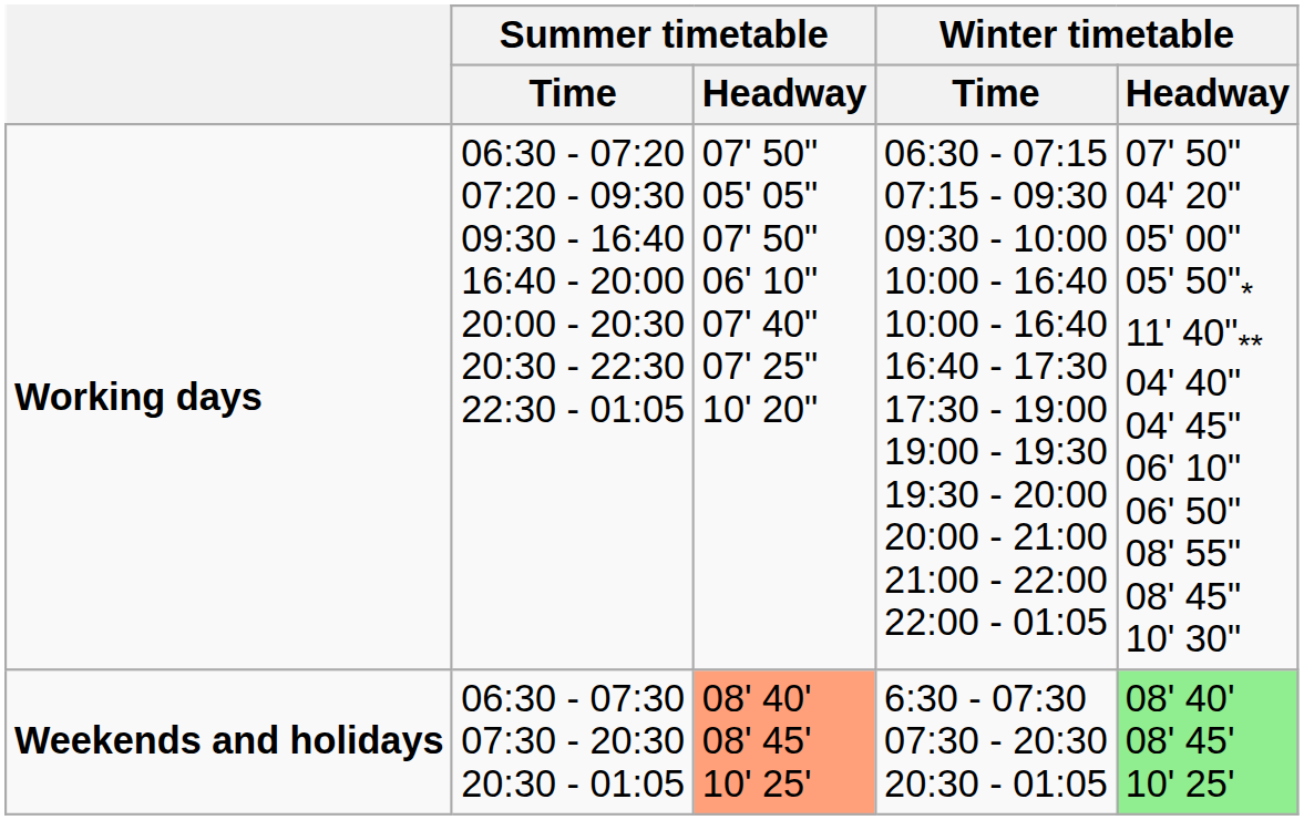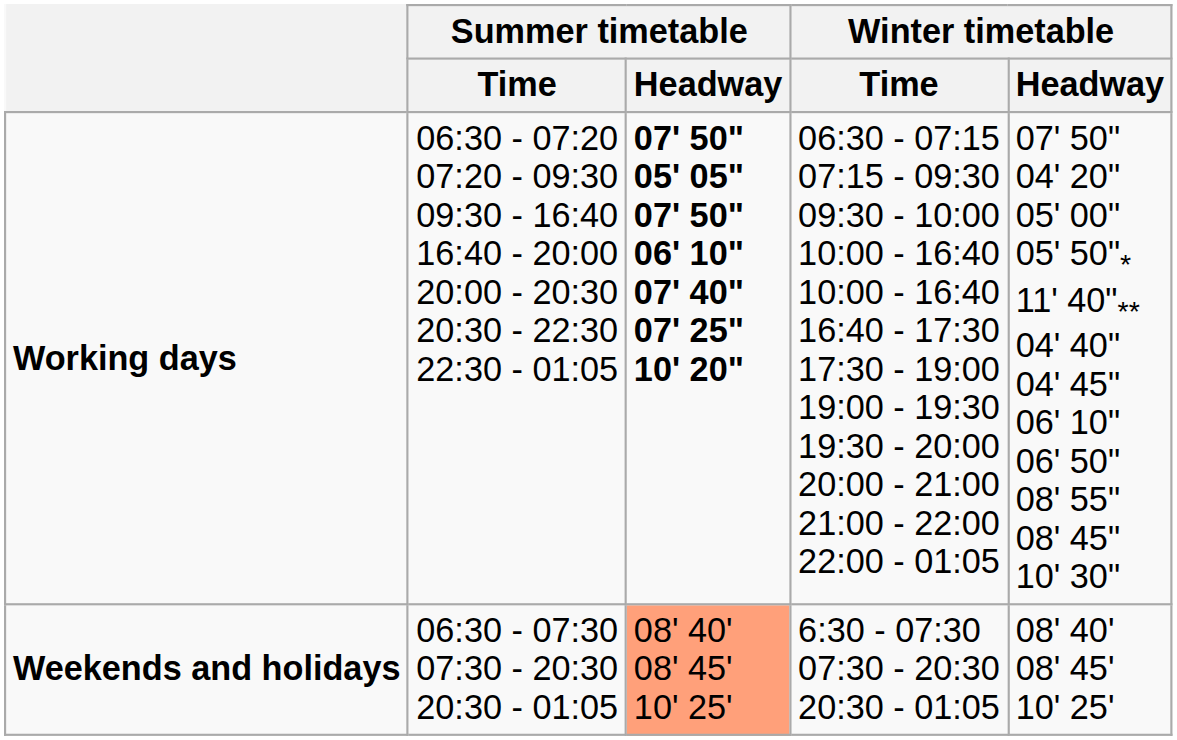 <table class="wikitable" style="border: none;">
 <tr>
 <th colspan="1" rowspan="3" style="border: none;"></th>
 </tr>
 <tr>
 <th colspan="2">Summer timetable</th>
 <th colspan="2">Winter timetable</th>
 </tr>
 <tr>
 <th>Time</th>
 <th>Headway</th>
 <th>Time</th>
 <th>Headway</th>
 </tr>
 <tr>
 <td><strong>Working days</strong></td>
 <td style="vertical-align: top;">06:30 - 07:20<br>07:20 - 09:30<br>09:30 - 16:40<br>16:40 - 20:00<br>20:00 - 20:30<br>20:30 - 22:30<br>22:30 - 01:05</td>
-<td style="vertical-align: top;">07' 50"<br>05' 05"<br>07' 50"<br>06' 10"<br>07' 40"<br>07' 25"<br>10' 20"</td>
+<td style="vertical-align: top;"><strong>07' 50"<br>05' 05"<br>07' 50"<br>06' 10"<br>07' 40"<br>07' 25"<br>10' 20"</strong></td>
 <td style="vertical-align: top;">06:30 - 07:15<br>07:15 - 09:30<br>09:30 - 10:00<br>10:00 - 16:40<br>10:00 - 16:40<br>16:40 - 17:30<br>17:30 - 19:00<br>19:00 - 19:30<br>19:30 - 20:00<br>20:00 - 21:00<br>21:00 - 22:00<br>22:00 - 01:05</td>
 <td style="vertical-align: top;">07' 50"<br>04' 20"<br>05' 00"<br>05' 50"<sub>*</sub><br>11' 40"<sub>**</sub><br>04' 40"<br>04' 45"<br>06' 10"<br>06' 50"<br>08' 55"<br>08' 45"<br>10' 30"</td>
 </tr>
 <tr>
 <td><strong>Weekends and holidays</strong></td>
 <td style="vertical-align: top;">06:30 - 07:30<br>07:30 - 20:30<br>20:30 - 01:05</td>
 <td style="background: lightsalmon; vertical-align: top;">08' 40'<br>08' 45'<br>10' 25'</td>
 <td style="vertical-align: top;">6:30 - 07:30<br>07:30 - 20:30<br>20:30 - 01:05</td>
-<td style="background: lightgreen; vertical-align: top;">08' 40'<br>08' 45'<br>10' 25'</td>
+<td style="vertical-align: top;">08' 40'<br>08' 45'<br>10' 25'</td>
 </tr>
 <tr>
 </tr>
 </table>
